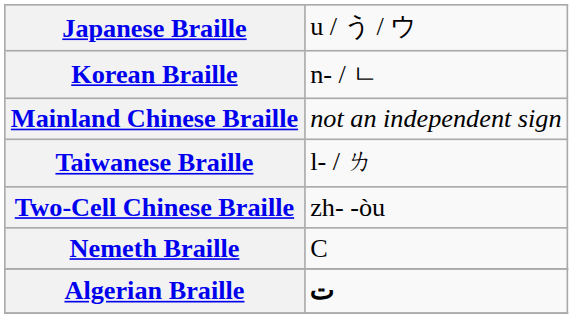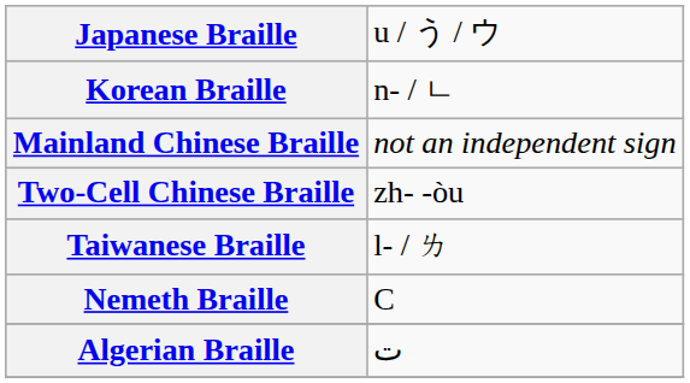 <table class="wikitable">
 <tr>
 <th align=left><a href='#'>Japanese Braille</a></th>
 <td>u / う / ウ </td>
 </tr>
 <tr>
 <th align=left><a href='#'>Korean Braille</a></th>
 <td>n- / ㄴ </td>
 </tr>
 <tr>
 <th align=left><a href='#'>Mainland Chinese Braille</a></th>
 <td><em>not an independent sign</em> </td>
 </tr>
 <tr>
+<th align=left><a href='#'>Two-Cell Chinese Braille</a></th>
+<td>zh- -òu</td>
+</tr>
+<tr>
 <th align=left><a href='#'>Taiwanese Braille</a></th>
 <td>l- / ㄌ</td>
-</tr>
-<tr>
-<th align=left><a href='#'>Two-Cell Chinese Braille</a></th>
-<td>zh- -òu</td>
 </tr>
 <tr>
 <th align=left><a href='#'>Nemeth Braille</a></th>
 <td>C </td>
 </tr>
 <tr>
 </tr>
 <tr>
 <th align=left><a href='#'>Algerian Braille</a></th>
-<td><strong>ت ‎</strong></td>
+<td>ت ‎</td>
 </tr>
 <tr>
 </tr>
 </table>
